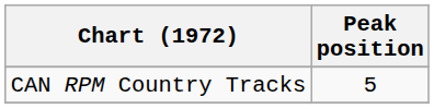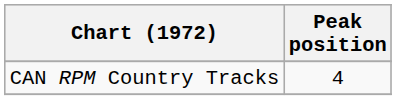 <table class="wikitable sortable">
 <tr>
 <th align="left">Chart (1972)</th>
 <th align="center">Peak<br>position</th>
 </tr>
 <tr>
 </tr>
 <tr>
 <td align="left">CAN <em>RPM</em> Country Tracks</td>
-<td align="center">5</td>
+<td align="center">4</td>
 </tr>
 <tr>
 </tr>
 </table>
